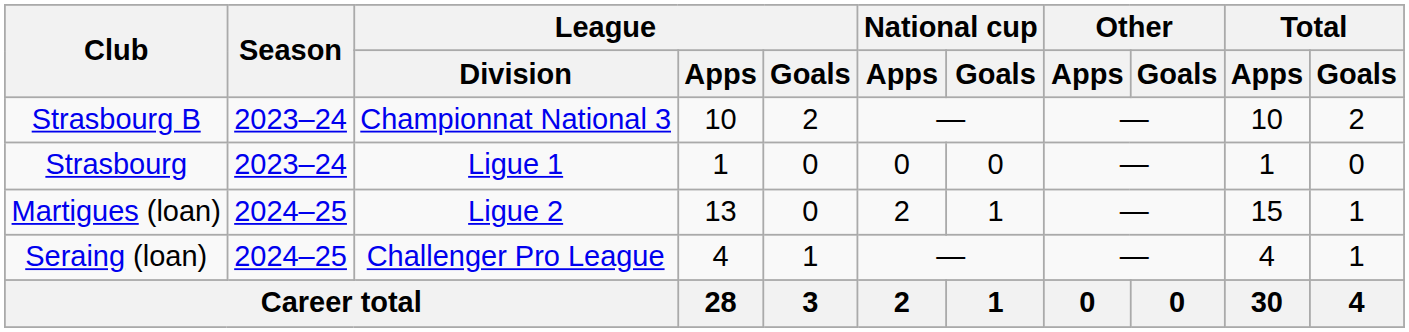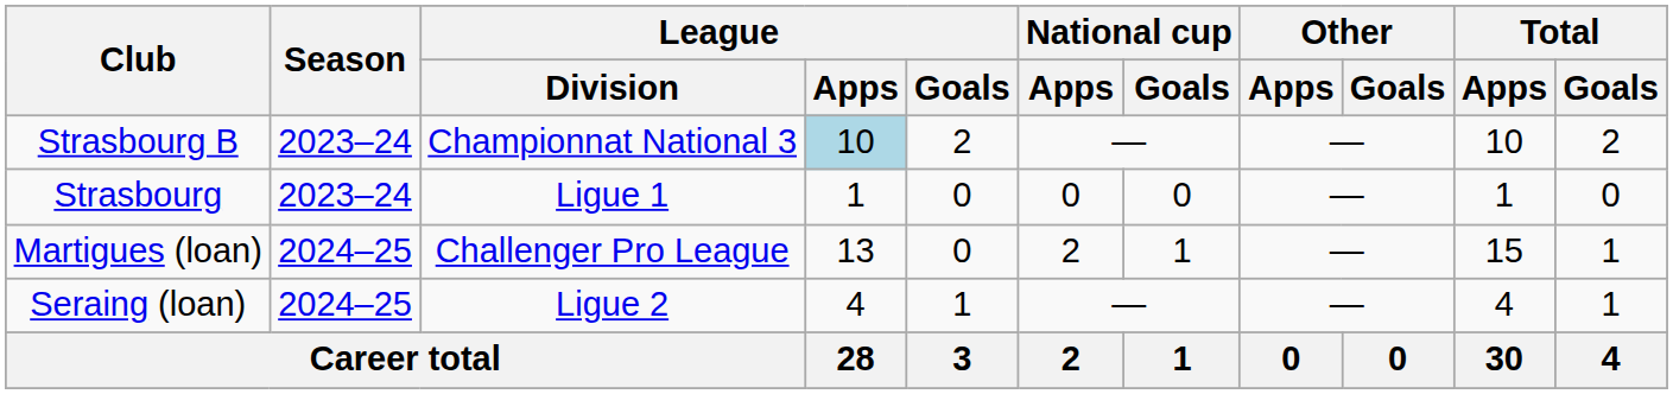 <table class="wikitable" style="text-align:center">
 <tr>
 <th rowspan="2">Club</th>
 <th rowspan="2">Season</th>
 <th colspan="3">League</th>
 <th colspan="2">National cup</th>
 <th colspan="2">Other</th>
 <th colspan="2">Total</th>
 </tr>
 <tr>
 <th>Division</th>
 <th>Apps</th>
 <th>Goals</th>
 <th>Apps</th>
 <th>Goals</th>
 <th>Apps</th>
 <th>Goals</th>
 <th>Apps</th>
 <th>Goals</th>
 </tr>
 <tr>
 <td><a href='#'>Strasbourg B</a></td>
 <td><a href='#'>2023–24</a></td>
 <td><a href='#'>Championnat National 3</a></td>
-<td>10</td>
+<td style="background: lightblue;">10</td>
 <td>2</td>
 <td colspan="2">—</td>
 <td colspan="2">—</td>
 <td>10</td>
 <td>2</td>
 </tr>
 <tr>
 <td><a href='#'>Strasbourg</a></td>
 <td><a href='#'>2023–24</a></td>
 <td><a href='#'>Ligue 1</a></td>
 <td>1</td>
 <td>0</td>
 <td>0</td>
 <td>0</td>
 <td colspan="2">—</td>
 <td>1</td>
 <td>0</td>
 </tr>
 <tr>
 <td><a href='#'>Martigues</a> (loan)</td>
 <td><a href='#'>2024–25</a></td>
-<td><a href='#'>Ligue 2</a></td>
+<td><a href='#'>Challenger Pro League</a></td>
 <td>13</td>
 <td>0</td>
 <td>2</td>
 <td>1</td>
 <td colspan="2">—</td>
 <td>15</td>
 <td>1</td>
 </tr>
 <tr>
 <td><a href='#'>Seraing</a> (loan)</td>
 <td><a href='#'>2024–25</a></td>
-<td><a href='#'>Challenger Pro League</a></td>
+<td><a href='#'>Ligue 2</a></td>
 <td>4</td>
 <td>1</td>
 <td colspan="2">—</td>
 <td colspan="2">—</td>
 <td>4</td>
 <td>1</td>
 </tr>
 <tr>
 <th colspan="3">Career total</th>
 <th>28</th>
 <th>3</th>
 <th>2</th>
 <th>1</th>
 <th>0</th>
 <th>0</th>
 <th>30</th>
 <th>4</th>
 </tr>
 </table>
